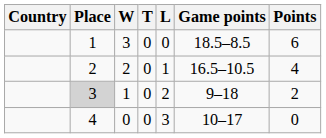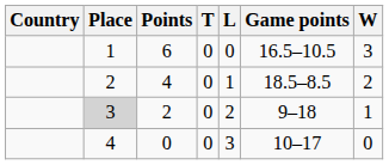 <table class="wikitable sortable" style="text-align:center">
 <tr>
 <th>Country</th>
 <th>Place</th>
-<th>W</th>
+<th>Points</th>
 <th>T</th>
 <th>L</th>
 <th>Game points</th>
-<th>Points</th>
+<th>W</th>
 </tr>
 <tr>
 <td align=left></td>
 <td>1</td>
-<td>3</td>
+<td>6</td>
 <td>0</td>
 <td>0</td>
-<td>18.5–8.5</td>
-<td>6</td>
+<td>16.5–10.5</td>
+<td>3</td>
 </tr>
 <tr>
 <td align=left></td>
 <td>2</td>
-<td>2</td>
+<td>4</td>
 <td>0</td>
 <td>1</td>
-<td>16.5–10.5</td>
-<td>4</td>
+<td>18.5–8.5</td>
+<td>2</td>
 </tr>
 <tr>
 <td align=left></td>
 <td style="background: lightgrey;">3</td>
-<td>1</td>
+<td>2</td>
 <td>0</td>
 <td>2</td>
 <td>9–18</td>
-<td>2</td>
+<td>1</td>
 </tr>
 <tr>
 <td align=left></td>
 <td>4</td>
 <td>0</td>
 <td>0</td>
 <td>3</td>
 <td>10–17</td>
 <td>0</td>
 </tr>
 </table>
